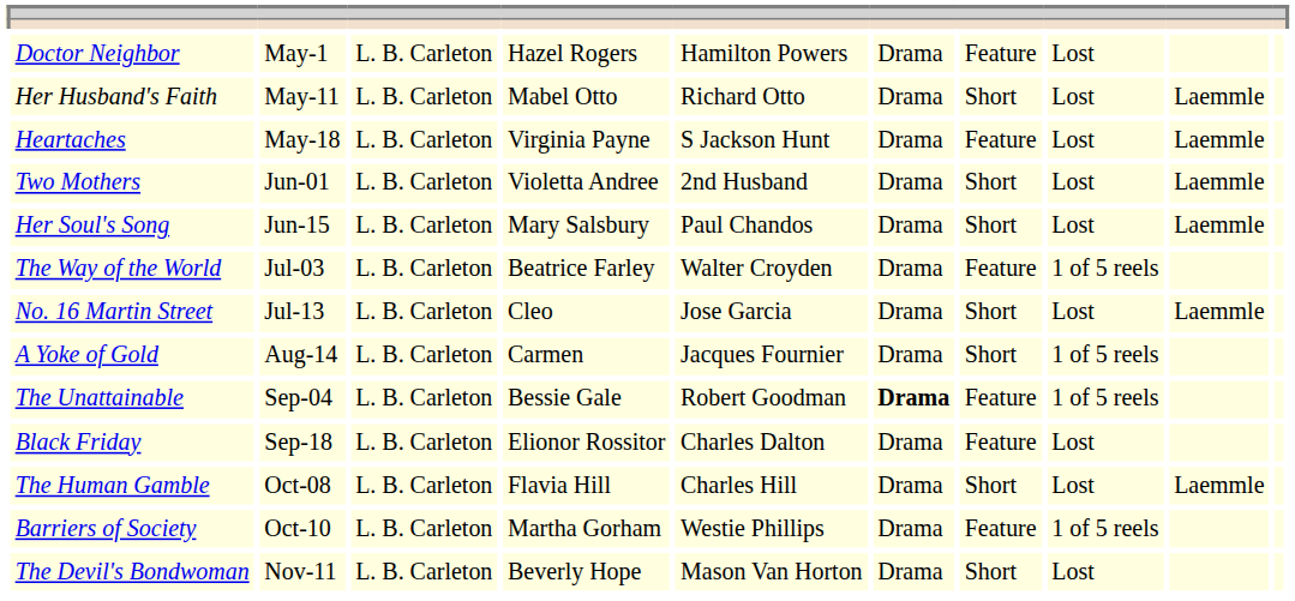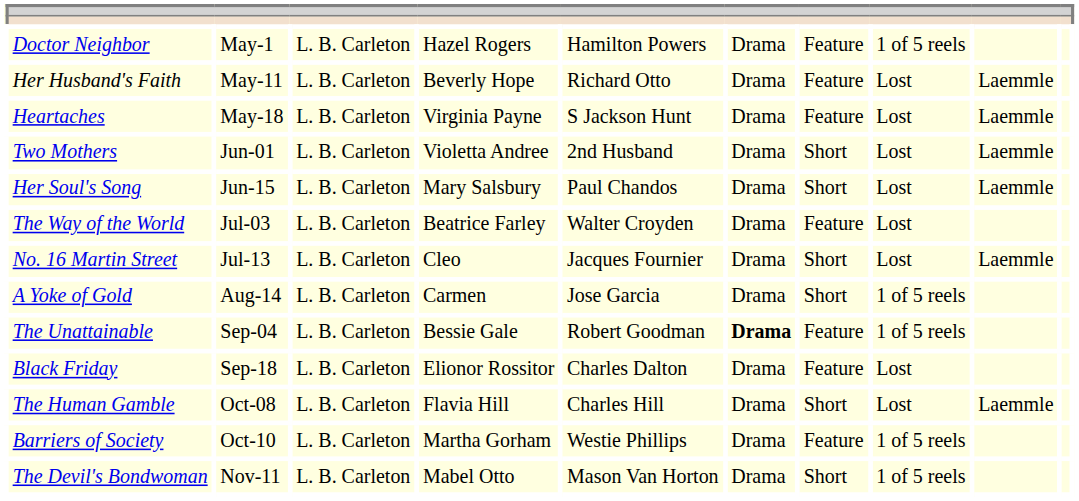 <table class="wikitable mw-collapsible mw-collapsed" style="background:lightyellow; border:2px solid gray;font-size:80%; ">
 <tr>
 <th colspan="18" style="border:1px solid #808080;background: lightgrey;"></th>
 </tr>
 <tr>
 <th style="border: 0px solid #FFFAF5; background:#F2E0CE"></th>
 <th style="border:0px solid #FFFAF5; background:#F2E0CE"></th>
 <th style="border:0px solid #FFFAF5; background:#F2E0CE"></th>
 <th style="border:0px solid #FFFAF5; background:#F2E0CE"></th>
 <th style="border:0px solid #FFFAF5; background:#F2E0CE"></th>
 <th style="border:0px solid #FFFAF5; background:#F2E0CE"></th>
 <th style="border:0px solid #FFFAF5; background:#F2E0CE"></th>
 <th style="border:0px solid #FFFAF5; background:#F2E0CE"></th>
 <th style="border:0px solid #FFFAF5; background:#F2E0CE"></th>
 <th style="border:0px solid #FFFAF5; background:#F2E0CE"></th>
 </tr>
 <tr>
 <td style="border:3px solid #FFFFFF"><em><a href='#'>Doctor Neighbor</a></em></td>
 <td style="border:3px solid #FFFFFF">May-1</td>
 <td style="border:3px solid #FFFFFF">L. B. Carleton</td>
 <td style="border:3px solid #FFFFFF">Hazel Rogers</td>
 <td style="border:3px solid #FFFFFF">Hamilton Powers</td>
 <td style="border:3px solid #FFFFFF">Drama</td>
 <td style="border:3px solid #FFFFFF">Feature</td>
-<td style="border:3px solid #FFFFFF">Lost</td>
+<td style="border:3px solid #FFFFFF">1 of 5 reels</td>
 <td style="border:3px solid #FFFFFF"></td>
 <td style="border:3px solid #FFFFFF"></td>
 </tr>
 <tr>
 <td style="border:3px solid #FFFFFF"><em>Her Husband's Faith</em></td>
 <td style="border:3px solid #FFFFFF">May-11</td>
 <td style="border:3px solid #FFFFFF">L. B. Carleton</td>
-<td style="border:3px solid #FFFFFF">Mabel Otto</td>
+<td style="border:3px solid #FFFFFF">Beverly Hope</td>
 <td style="border:3px solid #FFFFFF">Richard Otto</td>
 <td style="border:3px solid #FFFFFF">Drama</td>
-<td style="border:3px solid #FFFFFF">Short</td>
+<td style="border:3px solid #FFFFFF">Feature</td>
 <td style="border:3px solid #FFFFFF">Lost</td>
 <td style="border:3px solid #FFFFFF">Laemmle</td>
 <td style="border:3px solid #FFFFFF"></td>
 </tr>
 <tr>
 <td style="border:3px solid #FFFFFF"><em><a href='#'>Heartaches</a> </em></td>
 <td style="border:3px solid #FFFFFF">May-18</td>
 <td style="border:3px solid #FFFFFF">L. B. Carleton</td>
 <td style="border:3px solid #FFFFFF">Virginia Payne</td>
 <td style="border:3px solid #FFFFFF">S Jackson Hunt</td>
 <td style="border:3px solid #FFFFFF">Drama</td>
 <td style="border:3px solid #FFFFFF">Feature</td>
 <td style="border:3px solid #FFFFFF">Lost</td>
 <td style="border:3px solid #FFFFFF">Laemmle</td>
 <td style="border:3px solid #FFFFFF"></td>
 </tr>
 <tr>
 <td style="border:3px solid #FFFFFF"><em><a href='#'>Two Mothers</a></em></td>
 <td style="border:3px solid #FFFFFF">Jun-01</td>
 <td style="border:3px solid #FFFFFF">L. B. Carleton</td>
 <td style="border:3px solid #FFFFFF">Violetta Andree</td>
 <td style="border:3px solid #FFFFFF">2nd Husband</td>
 <td style="border:3px solid #FFFFFF">Drama</td>
 <td style="border:3px solid #FFFFFF">Short</td>
 <td style="border:3px solid #FFFFFF">Lost</td>
 <td style="border:3px solid #FFFFFF">Laemmle</td>
 <td style="border:3px solid #FFFFFF"></td>
 </tr>
 <tr>
 <td style="border:3px solid #FFFFFF"><em><a href='#'>Her Soul's Song</a></em></td>
 <td style="border:3px solid #FFFFFF">Jun-15</td>
 <td style="border:3px solid #FFFFFF">L. B. Carleton</td>
 <td style="border:3px solid #FFFFFF">Mary Salsbury</td>
 <td style="border:3px solid #FFFFFF">Paul Chandos</td>
 <td style="border:3px solid #FFFFFF">Drama</td>
 <td style="border:3px solid #FFFFFF">Short</td>
 <td style="border:3px solid #FFFFFF">Lost</td>
 <td style="border:3px solid #FFFFFF">Laemmle</td>
 <td style="border:3px solid #FFFFFF"></td>
 </tr>
 <tr>
 <td style="border:3px solid #FFFFFF"><em><a href='#'>The Way of the World</a></em></td>
 <td style="border:3px solid #FFFFFF">Jul-03</td>
 <td style="border:3px solid #FFFFFF">L. B. Carleton</td>
 <td style="border:3px solid #FFFFFF">Beatrice Farley</td>
 <td style="border:3px solid #FFFFFF">Walter Croyden</td>
 <td style="border:3px solid #FFFFFF">Drama</td>
 <td style="border:3px solid #FFFFFF">Feature</td>
-<td style="border:3px solid #FFFFFF">1 of 5 reels</td>
+<td style="border:3px solid #FFFFFF">Lost</td>
 <td style="border:3px solid #FFFFFF"></td>
 <td style="border:3px solid #FFFFFF"></td>
 </tr>
 <tr>
 <td style="border:3px solid #FFFFFF"><em><a href='#'>No. 16 Martin Street</a></em></td>
 <td style="border:3px solid #FFFFFF">Jul-13</td>
 <td style="border:3px solid #FFFFFF">L. B. Carleton</td>
 <td style="border:3px solid #FFFFFF">Cleo</td>
-<td style="border:3px solid #FFFFFF">Jose Garcia</td>
+<td style="border:3px solid #FFFFFF">Jacques Fournier</td>
 <td style="border:3px solid #FFFFFF">Drama</td>
 <td style="border:3px solid #FFFFFF">Short</td>
 <td style="border:3px solid #FFFFFF">Lost</td>
 <td style="border:3px solid #FFFFFF">Laemmle</td>
 <td style="border:3px solid #FFFFFF"></td>
 </tr>
 <tr>
 <td style="border:3px solid #FFFFFF"><em><a href='#'>A Yoke of Gold</a></em></td>
 <td style="border:3px solid #FFFFFF">Aug-14</td>
 <td style="border:3px solid #FFFFFF">L. B. Carleton</td>
 <td style="border:3px solid #FFFFFF">Carmen</td>
-<td style="border:3px solid #FFFFFF">Jacques Fournier</td>
+<td style="border:3px solid #FFFFFF">Jose Garcia</td>
 <td style="border:3px solid #FFFFFF">Drama</td>
 <td style="border:3px solid #FFFFFF">Short</td>
 <td style="border:3px solid #FFFFFF">1 of 5 reels</td>
 <td style="border:3px solid #FFFFFF"></td>
 <td style="border:3px solid #FFFFFF"></td>
 </tr>
 <tr>
 <td style="border:3px solid #FFFFFF"><em><a href='#'>The Unattainable</a></em></td>
 <td style="border:3px solid #FFFFFF">Sep-04</td>
 <td style="border:3px solid #FFFFFF">L. B. Carleton</td>
 <td style="border:3px solid #FFFFFF">Bessie Gale</td>
 <td style="border:3px solid #FFFFFF">Robert Goodman</td>
 <td style="border:3px solid #FFFFFF"><strong>Drama</strong></td>
 <td style="border:3px solid #FFFFFF">Feature</td>
 <td style="border:3px solid #FFFFFF">1 of 5 reels</td>
 <td style="border:3px solid #FFFFFF"></td>
 <td style="border:3px solid #FFFFFF"></td>
 </tr>
 <tr>
 <td style="border:3px solid #FFFFFF"><em><a href='#'>Black Friday</a></em></td>
 <td style="border:3px solid #FFFFFF">Sep-18</td>
 <td style="border:3px solid #FFFFFF">L. B. Carleton</td>
 <td style="border:3px solid #FFFFFF">Elionor Rossitor</td>
 <td style="border:3px solid #FFFFFF">Charles Dalton</td>
 <td style="border:3px solid #FFFFFF">Drama</td>
 <td style="border:3px solid #FFFFFF">Feature</td>
 <td style="border:3px solid #FFFFFF">Lost</td>
 <td style="border:3px solid #FFFFFF"></td>
 <td style="border:3px solid #FFFFFF"></td>
 </tr>
 <tr>
 <td style="border:3px solid #FFFFFF"><em><a href='#'>The Human Gamble</a></em></td>
 <td style="border:3px solid #FFFFFF">Oct-08</td>
 <td style="border:3px solid #FFFFFF">L. B. Carleton</td>
 <td style="border:3px solid #FFFFFF">Flavia Hill</td>
 <td style="border:3px solid #FFFFFF">Charles Hill</td>
 <td style="border:3px solid #FFFFFF">Drama</td>
 <td style="border:3px solid #FFFFFF">Short</td>
 <td style="border:3px solid #FFFFFF">Lost</td>
 <td style="border:3px solid #FFFFFF">Laemmle</td>
 <td style="border:3px solid #FFFFFF"></td>
 </tr>
 <tr>
 <td style="border:3px solid #FFFFFF"><em><a href='#'>Barriers of Society</a></em></td>
 <td style="border:3px solid #FFFFFF">Oct-10</td>
 <td style="border:3px solid #FFFFFF">L. B. Carleton</td>
 <td style="border:3px solid #FFFFFF">Martha Gorham</td>
 <td style="border:3px solid #FFFFFF">Westie Phillips</td>
 <td style="border:3px solid #FFFFFF">Drama</td>
 <td style="border:3px solid #FFFFFF">Feature</td>
 <td style="border:3px solid #FFFFFF">1 of 5 reels</td>
 <td style="border:3px solid #FFFFFF"></td>
 <td style="border:3px solid #FFFFFF"></td>
 </tr>
 <tr>
 <td style="border:3px solid #FFFFFF"><em><a href='#'>The Devil's Bondwoman</a></em></td>
 <td style="border:3px solid #FFFFFF">Nov-11</td>
 <td style="border:3px solid #FFFFFF">L. B. Carleton</td>
-<td style="border:3px solid #FFFFFF">Beverly Hope</td>
+<td style="border:3px solid #FFFFFF">Mabel Otto</td>
 <td style="border:3px solid #FFFFFF">Mason Van Horton</td>
 <td style="border:3px solid #FFFFFF">Drama</td>
 <td style="border:3px solid #FFFFFF">Short</td>
-<td style="border:3px solid #FFFFFF">Lost</td>
+<td style="border:3px solid #FFFFFF">1 of 5 reels</td>
 <td style="border:3px solid #FFFFFF"></td>
 <td style="border:3px solid #FFFFFF"></td>
 </tr>
 </table>
